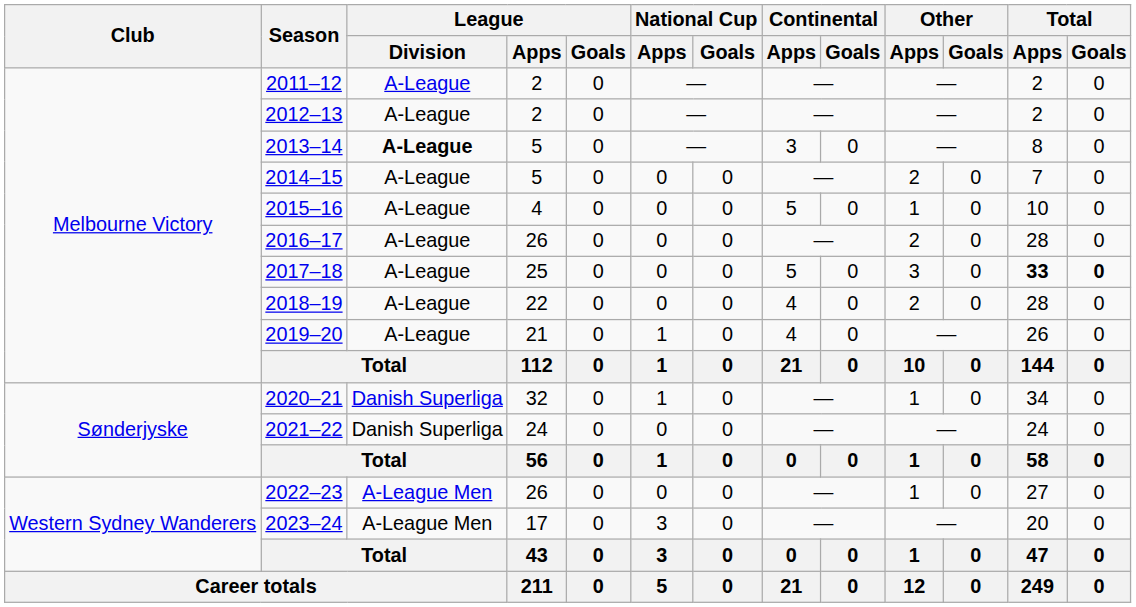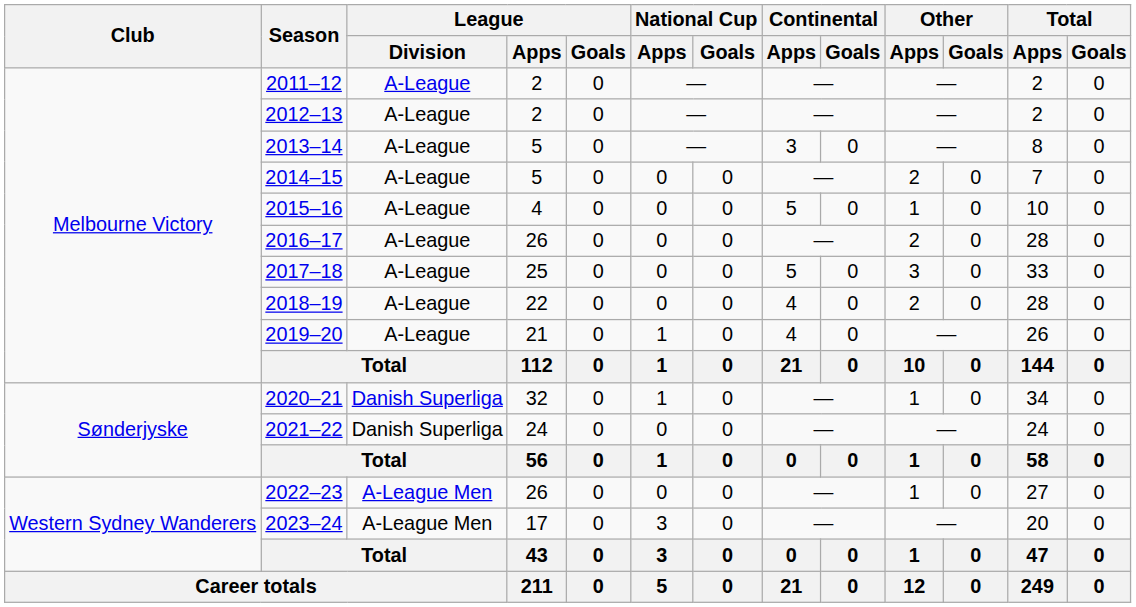 <table class="wikitable" style="text-align:center">
 <tr>
 <th rowspan="2">Club</th>
 <th rowspan="2">Season</th>
 <th colspan="3">League</th>
 <th colspan="2">National Cup</th>
 <th colspan="2">Continental</th>
 <th colspan="2">Other</th>
 <th colspan="2">Total</th>
 </tr>
 <tr>
 <th>Division</th>
 <th>Apps</th>
 <th>Goals</th>
 <th>Apps</th>
 <th>Goals</th>
 <th>Apps</th>
 <th>Goals</th>
 <th>Apps</th>
 <th>Goals</th>
 <th>Apps</th>
 <th>Goals</th>
 </tr>
 <tr>
 <td rowspan="10"><a href='#'>Melbourne Victory</a></td>
 <td><a href='#'>2011–12</a></td>
 <td><a href='#'>A-League</a></td>
 <td>2</td>
 <td>0</td>
 <td colspan="2">—</td>
 <td colspan="2">—</td>
 <td colspan="2">—</td>
 <td>2</td>
 <td>0</td>
 </tr>
 <tr>
 <td><a href='#'>2012–13</a></td>
 <td>A-League</td>
 <td>2</td>
 <td>0</td>
 <td colspan="2">—</td>
 <td colspan="2">—</td>
 <td colspan="2">—</td>
 <td>2</td>
 <td>0</td>
 </tr>
 <tr>
 <td><a href='#'>2013–14</a></td>
-<td><strong>A-League</strong></td>
+<td>A-League</td>
 <td>5</td>
 <td>0</td>
 <td colspan="2">—</td>
 <td>3</td>
 <td>0</td>
 <td colspan="2">—</td>
 <td>8</td>
 <td>0</td>
 </tr>
 <tr>
 <td><a href='#'>2014–15</a></td>
 <td>A-League</td>
 <td>5</td>
 <td>0</td>
 <td>0</td>
 <td>0</td>
 <td colspan="2">—</td>
 <td>2</td>
 <td>0</td>
 <td>7</td>
 <td>0</td>
 </tr>
 <tr>
 <td><a href='#'>2015–16</a></td>
 <td>A-League</td>
 <td>4</td>
 <td>0</td>
 <td>0</td>
 <td>0</td>
 <td>5</td>
 <td>0</td>
 <td>1</td>
 <td>0</td>
 <td>10</td>
 <td>0</td>
 </tr>
 <tr>
 <td><a href='#'>2016–17</a></td>
 <td>A-League</td>
 <td>26</td>
 <td>0</td>
 <td>0</td>
 <td>0</td>
 <td colspan="2">—</td>
 <td>2</td>
 <td>0</td>
 <td>28</td>
 <td>0</td>
 </tr>
 <tr>
 <td><a href='#'>2017–18</a></td>
 <td>A-League</td>
 <td>25</td>
 <td>0</td>
 <td>0</td>
 <td>0</td>
 <td>5</td>
 <td>0</td>
 <td>3</td>
 <td>0</td>
-<td><strong>33</strong></td>
-<td><strong>0</strong></td>
+<td>33</td>
+<td>0</td>
 </tr>
 <tr>
 <td><a href='#'>2018–19</a></td>
 <td>A-League</td>
 <td>22</td>
 <td>0</td>
 <td>0</td>
 <td>0</td>
 <td>4</td>
 <td>0</td>
 <td>2</td>
 <td>0</td>
 <td>28</td>
 <td>0</td>
 </tr>
 <tr>
 <td><a href='#'>2019–20</a></td>
 <td>A-League</td>
 <td>21</td>
 <td>0</td>
 <td>1</td>
 <td>0</td>
 <td>4</td>
 <td>0</td>
 <td colspan="2">—</td>
 <td>26</td>
 <td>0</td>
 </tr>
 <tr>
 <th colspan="2">Total</th>
 <th>112</th>
 <th>0</th>
 <th>1</th>
 <th>0</th>
 <th>21</th>
 <th>0</th>
 <th>10</th>
 <th>0</th>
 <th>144</th>
 <th>0</th>
 </tr>
 <tr>
 <td rowspan="3"><a href='#'>Sønderjyske</a></td>
 <td><a href='#'>2020–21</a></td>
 <td><a href='#'>Danish Superliga</a></td>
 <td>32</td>
 <td>0</td>
 <td>1</td>
 <td>0</td>
 <td colspan="2">—</td>
 <td>1</td>
 <td>0</td>
 <td>34</td>
 <td>0</td>
 </tr>
 <tr>
 <td><a href='#'>2021–22</a></td>
 <td>Danish Superliga</td>
 <td>24</td>
 <td>0</td>
 <td>0</td>
 <td>0</td>
 <td colspan="2">—</td>
 <td colspan="2">—</td>
 <td>24</td>
 <td>0</td>
 </tr>
 <tr>
 <th colspan="2">Total</th>
 <th>56</th>
 <th>0</th>
 <th>1</th>
 <th>0</th>
 <th>0</th>
 <th>0</th>
 <th>1</th>
 <th>0</th>
 <th>58</th>
 <th>0</th>
 </tr>
 <tr>
 <td rowspan="3"><a href='#'>Western Sydney Wanderers</a></td>
 <td><a href='#'>2022–23</a></td>
 <td><a href='#'>A-League Men</a></td>
 <td>26</td>
 <td>0</td>
 <td>0</td>
 <td>0</td>
 <td colspan="2">—</td>
 <td>1</td>
 <td>0</td>
 <td>27</td>
 <td>0</td>
 </tr>
 <tr>
 <td><a href='#'>2023–24</a></td>
 <td>A-League Men</td>
 <td>17</td>
 <td>0</td>
 <td>3</td>
 <td>0</td>
 <td colspan="2">—</td>
 <td colspan="2">—</td>
 <td>20</td>
 <td>0</td>
 </tr>
 <tr>
 <th colspan="2">Total</th>
 <th>43</th>
 <th>0</th>
 <th>3</th>
 <th>0</th>
 <th>0</th>
 <th>0</th>
 <th>1</th>
 <th>0</th>
 <th>47</th>
 <th>0</th>
 </tr>
 <tr>
 <th colspan="3">Career totals</th>
 <th>211</th>
 <th>0</th>
 <th>5</th>
 <th>0</th>
 <th>21</th>
 <th>0</th>
 <th>12</th>
 <th>0</th>
 <th>249</th>
 <th>0</th>
 </tr>
 </table>
